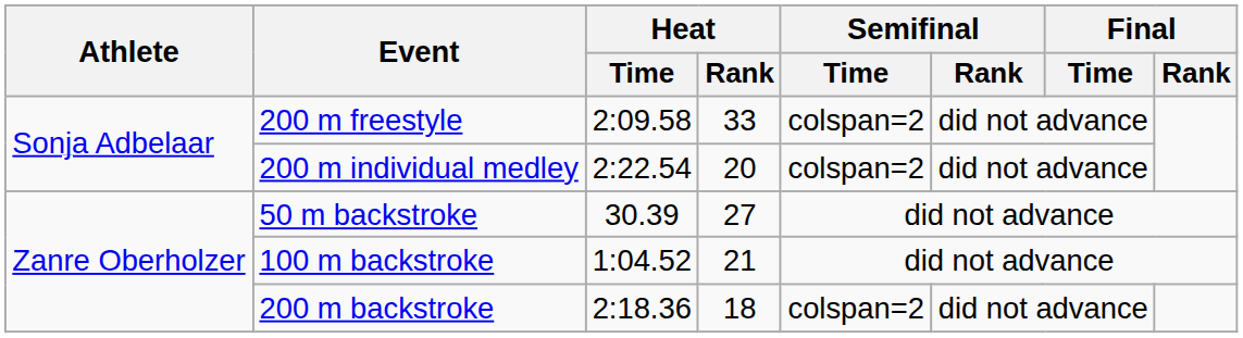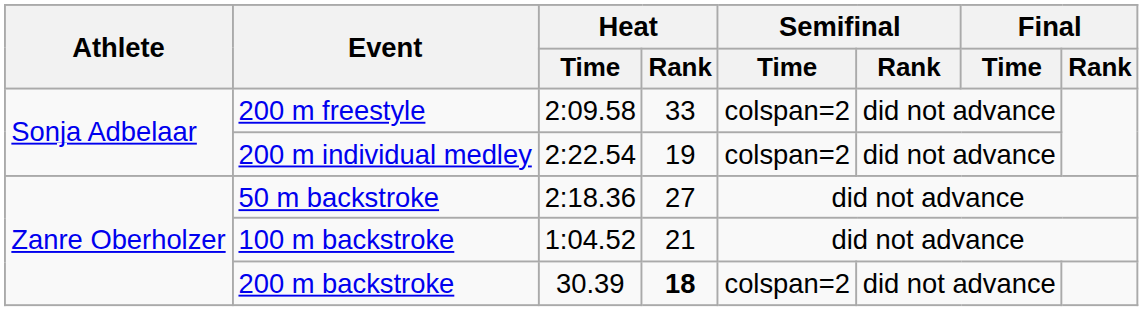 <table class=wikitable style="font-size:90%">
 <tr>
 <th rowspan=2>Athlete</th>
 <th rowspan=2>Event</th>
 <th colspan="2">Heat</th>
 <th colspan="2">Semifinal</th>
 <th colspan="2">Final</th>
 </tr>
 <tr style="font-size:95%">
 <th>Time</th>
 <th>Rank</th>
 <th>Time</th>
 <th>Rank</th>
 <th>Time</th>
 <th>Rank</th>
 </tr>
 <tr align=center>
 <td align=left rowspan=2><a href='#'>Sonja Adbelaar</a></td>
 <td align=left><a href='#'>200 m freestyle</a></td>
 <td>2:09.58</td>
 <td>33</td>
 <td>colspan=2 </td>
 <td colspan=2>did not advance</td>
 </tr>
 <tr align=center>
 <td align=left><a href='#'>200 m individual medley</a></td>
 <td>2:22.54</td>
-<td>20</td>
+<td>19</td>
 <td>colspan=2 </td>
 <td colspan=2>did not advance</td>
 </tr>
 <tr align=center>
 <td align=left rowspan=3><a href='#'>Zanre Oberholzer</a></td>
 <td align=left><a href='#'>50 m backstroke</a></td>
-<td>30.39</td>
+<td>2:18.36</td>
 <td>27</td>
 <td colspan=4>did not advance</td>
 </tr>
 <tr align=center>
 <td align=left><a href='#'>100 m backstroke</a></td>
 <td>1:04.52</td>
 <td>21</td>
 <td colspan=4>did not advance</td>
 </tr>
 <tr align=center>
 <td align=left><a href='#'>200 m backstroke</a></td>
-<td>2:18.36</td>
-<td>18</td>
+<td>30.39</td>
+<td><strong>18</strong></td>
 <td>colspan=2 </td>
 <td colspan=2>did not advance</td>
 </tr>
 </table>
